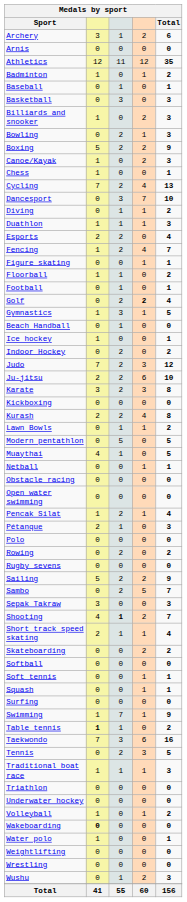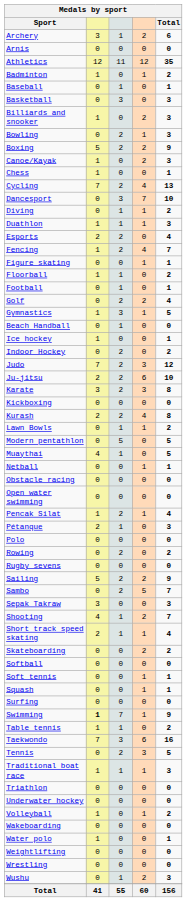 <table class="wikitable" style="font-size:90%; text-align:center;">
 <tr>
 <th colspan=5>Medals by sport</th>
 </tr>
 <tr>
 <th width=120>Sport</th>
 <th scope="col" width=30 style="background:#F7F6A8;"></th>
 <th scope="col" width=30 style="background:#DCE5E5;"></th>
 <th scope="col" width=30 style="background:#FFDAB9;"></th>
 <th width=30>Total</th>
 </tr>
 <tr>
 <td style="text-align:left"><a href='#'>Archery</a></td>
 <td style="background:#F7F6A8;">3</td>
 <td style="background:#DCE5E5;">1</td>
 <td style="background:#FFDAB9;">2</td>
 <td><strong>6</strong></td>
 </tr>
 <tr>
 <td style="text-align:left"><a href='#'>Arnis</a></td>
 <td style="background:#F7F6A8;">0</td>
 <td style="background:#DCE5E5;">0</td>
 <td style="background:#FFDAB9;">0</td>
 <td><strong>0</strong></td>
 </tr>
 <tr>
 <td style="text-align:left"><a href='#'>Athletics</a></td>
 <td style="background:#F7F6A8;">12</td>
 <td style="background:#DCE5E5;">11</td>
 <td style="background:#FFDAB9;">12</td>
 <td><strong>35</strong></td>
 </tr>
 <tr>
 <td style="text-align:left"><a href='#'>Badminton</a></td>
 <td style="background:#F7F6A8;">1</td>
 <td style="background:#DCE5E5;">0</td>
 <td style="background:#FFDAB9;">1</td>
 <td><strong>2</strong></td>
 </tr>
 <tr>
 <td style="text-align:left"><a href='#'>Baseball</a></td>
 <td style="background:#F7F6A8;">0</td>
 <td style="background:#DCE5E5;">1</td>
 <td style="background:#FFDAB9;">0</td>
 <td><strong>1</strong></td>
 </tr>
 <tr>
 <td style="text-align:left"><a href='#'>Basketball</a></td>
 <td style="background:#F7F6A8;">0</td>
 <td style="background:#DCE5E5;">3</td>
 <td style="background:#FFDAB9;">0</td>
 <td><strong>3</strong></td>
 </tr>
 <tr>
 <td style="text-align:left"><a href='#'>Billiards and snooker</a></td>
 <td style="background:#F7F6A8;">1</td>
 <td style="background:#DCE5E5;">0</td>
 <td style="background:#FFDAB9;">2</td>
 <td><strong>3</strong></td>
 </tr>
 <tr>
 <td style="text-align:left"><a href='#'>Bowling</a></td>
 <td style="background:#F7F6A8;">0</td>
 <td style="background:#DCE5E5;">2</td>
 <td style="background:#FFDAB9;">1</td>
 <td><strong>3</strong></td>
 </tr>
 <tr>
 <td style="text-align:left"><a href='#'>Boxing</a></td>
 <td style="background:#F7F6A8;">5</td>
 <td style="background:#DCE5E5;">2</td>
 <td style="background:#FFDAB9;">2</td>
 <td><strong>9</strong></td>
 </tr>
 <tr>
 <td style="text-align:left"><a href='#'>Canoe/Kayak</a></td>
 <td style="background:#F7F6A8;">1</td>
 <td style="background:#DCE5E5;">0</td>
 <td style="background:#FFDAB9;">2</td>
 <td><strong>3</strong></td>
 </tr>
 <tr>
 <td style="text-align:left"><a href='#'>Chess</a></td>
 <td style="background:#F7F6A8;">1</td>
 <td style="background:#DCE5E5;">0</td>
 <td style="background:#FFDAB9;">0</td>
 <td><strong>1</strong></td>
 </tr>
 <tr>
 <td style="text-align:left"><a href='#'>Cycling</a></td>
 <td style="background:#F7F6A8;">7</td>
 <td style="background:#DCE5E5;">2</td>
 <td style="background:#FFDAB9;">4</td>
 <td><strong>13</strong></td>
 </tr>
 <tr>
 <td style="text-align:left"><a href='#'>Dancesport</a></td>
 <td style="background:#F7F6A8;">0</td>
 <td style="background:#DCE5E5;">3</td>
 <td style="background:#FFDAB9;">7</td>
 <td><strong>10</strong></td>
 </tr>
 <tr>
 <td style="text-align:left"><a href='#'>Diving</a></td>
 <td style="background:#F7F6A8;">0</td>
 <td style="background:#DCE5E5;">1</td>
 <td style="background:#FFDAB9;">1</td>
 <td><strong>2</strong></td>
 </tr>
 <tr>
 <td style="text-align:left"><a href='#'>Duathlon</a></td>
 <td style="background:#F7F6A8;">1</td>
 <td style="background:#DCE5E5;">1</td>
 <td style="background:#FFDAB9;">1</td>
 <td><strong>3</strong></td>
 </tr>
 <tr>
 <td style="text-align:left"><a href='#'>Esports</a></td>
 <td style="background:#F7F6A8;">2</td>
 <td style="background:#DCE5E5;">2</td>
 <td style="background:#FFDAB9;">0</td>
 <td><strong>4</strong></td>
 </tr>
 <tr>
 <td style="text-align:left"><a href='#'>Fencing</a></td>
 <td style="background:#F7F6A8;">1</td>
 <td style="background:#DCE5E5;">2</td>
 <td style="background:#FFDAB9;">4</td>
 <td><strong>7</strong></td>
 </tr>
 <tr>
 <td style="text-align:left"><a href='#'>Figure skating</a></td>
 <td style="background:#F7F6A8;">0</td>
 <td style="background:#DCE5E5;">0</td>
 <td style="background:#FFDAB9;">1</td>
 <td><strong>1</strong></td>
 </tr>
 <tr>
 <td style="text-align:left"><a href='#'>Floorball</a></td>
 <td style="background:#F7F6A8;">1</td>
 <td style="background:#DCE5E5;">1</td>
 <td style="background:#FFDAB9;">0</td>
 <td><strong>2</strong></td>
 </tr>
 <tr>
 <td style="text-align:left"><a href='#'>Football</a></td>
 <td style="background:#F7F6A8;">0</td>
 <td style="background:#DCE5E5;">1</td>
 <td style="background:#FFDAB9;">0</td>
 <td><strong>1</strong></td>
 </tr>
 <tr>
 <td style="text-align:left"><a href='#'>Golf</a></td>
 <td style="background:#F7F6A8;">0</td>
 <td style="background:#DCE5E5;">2</td>
-<td style="background:#FFDAB9;"><strong>2</strong></td>
+<td style="background:#FFDAB9;">2</td>
 <td><strong>4</strong></td>
 </tr>
 <tr>
 <td style="text-align:left"><a href='#'>Gymnastics</a></td>
 <td style="background:#F7F6A8;">1</td>
 <td style="background:#DCE5E5;">3</td>
 <td style="background:#FFDAB9;">1</td>
 <td><strong>5</strong></td>
 </tr>
 <tr>
 <td style="text-align:left"><a href='#'>Beach Handball</a></td>
 <td style="background:#F7F6A8;">0</td>
 <td style="background:#DCE5E5;">1</td>
 <td style="background:#FFDAB9;">0</td>
 <td><strong>0</strong></td>
 </tr>
 <tr>
 <td style="text-align:left"><a href='#'>Ice hockey</a></td>
 <td style="background:#F7F6A8;">1</td>
 <td style="background:#DCE5E5;">0</td>
 <td style="background:#FFDAB9;">0</td>
 <td><strong>1</strong></td>
 </tr>
 <tr>
 <td style="text-align:left"><a href='#'>Indoor Hockey</a></td>
 <td style="background:#F7F6A8;">0</td>
 <td style="background:#DCE5E5;">2</td>
 <td style="background:#FFDAB9;">0</td>
 <td><strong>2</strong></td>
 </tr>
 <tr>
 <td style="text-align:left"><a href='#'>Judo</a></td>
 <td style="background:#F7F6A8;">7</td>
 <td style="background:#DCE5E5;">2</td>
 <td style="background:#FFDAB9;">3</td>
 <td><strong>12</strong></td>
 </tr>
 <tr>
 <td style="text-align:left"><a href='#'>Ju-jitsu</a></td>
 <td style="background:#F7F6A8;">2</td>
 <td style="background:#DCE5E5;">2</td>
 <td style="background:#FFDAB9;">6</td>
 <td><strong>10</strong></td>
 </tr>
 <tr>
 <td style="text-align:left"><a href='#'>Karate</a></td>
 <td style="background:#F7F6A8;">3</td>
 <td style="background:#DCE5E5;">2</td>
 <td style="background:#FFDAB9;">3</td>
 <td><strong>8</strong></td>
 </tr>
 <tr>
 <td style="text-align:left"><a href='#'>Kickboxing</a></td>
 <td style="background:#F7F6A8;">0</td>
 <td style="background:#DCE5E5;">0</td>
 <td style="background:#FFDAB9;">0</td>
 <td><strong>0</strong></td>
 </tr>
 <tr>
 <td style="text-align:left"><a href='#'>Kurash</a></td>
 <td style="background:#F7F6A8;">2</td>
 <td style="background:#DCE5E5;">2</td>
 <td style="background:#FFDAB9;">4</td>
 <td><strong>8</strong></td>
 </tr>
 <tr>
 <td style="text-align:left"><a href='#'>Lawn Bowls</a></td>
 <td style="background:#F7F6A8;">0</td>
 <td style="background:#DCE5E5;">1</td>
 <td style="background:#FFDAB9;">1</td>
 <td><strong>2</strong></td>
 </tr>
 <tr>
 <td style="text-align:left"><a href='#'>Modern pentathlon</a></td>
 <td style="background:#F7F6A8;">0</td>
 <td style="background:#DCE5E5;">5</td>
 <td style="background:#FFDAB9;">0</td>
 <td><strong>5</strong></td>
 </tr>
 <tr>
 <td style="text-align:left"><a href='#'>Muaythai</a></td>
 <td style="background:#F7F6A8;">4</td>
 <td style="background:#DCE5E5;">1</td>
 <td style="background:#FFDAB9;">0</td>
 <td><strong>5</strong></td>
 </tr>
 <tr>
 <td style="text-align:left"><a href='#'>Netball</a></td>
 <td style="background:#F7F6A8;">0</td>
 <td style="background:#DCE5E5;">0</td>
 <td style="background:#FFDAB9;">1</td>
 <td><strong>1</strong></td>
 </tr>
 <tr>
 <td style="text-align:left"><a href='#'>Obstacle racing</a></td>
 <td style="background:#F7F6A8;">0</td>
 <td style="background:#DCE5E5;">0</td>
 <td style="background:#FFDAB9;">0</td>
 <td><strong>0</strong></td>
 </tr>
 <tr>
 <td style="text-align:left"><a href='#'>Open water swimming</a></td>
 <td style="background:#F7F6A8;">0</td>
 <td style="background:#DCE5E5;">0</td>
 <td style="background:#FFDAB9;">0</td>
 <td><strong>0</strong></td>
 </tr>
 <tr>
 <td style="text-align:left"><a href='#'>Pencak Silat</a></td>
 <td style="background:#F7F6A8;">1</td>
 <td style="background:#DCE5E5;">2</td>
 <td style="background:#FFDAB9;">1</td>
 <td><strong>4</strong></td>
 </tr>
 <tr>
 <td style="text-align:left"><a href='#'>Pétanque</a></td>
 <td style="background:#F7F6A8;">2</td>
 <td style="background:#DCE5E5;">1</td>
 <td style="background:#FFDAB9;">0</td>
 <td><strong>3</strong></td>
 </tr>
 <tr>
 <td style="text-align:left"><a href='#'>Polo</a></td>
 <td style="background:#F7F6A8;">0</td>
 <td style="background:#DCE5E5;">0</td>
 <td style="background:#FFDAB9;">0</td>
 <td><strong>0</strong></td>
 </tr>
 <tr>
 <td style="text-align:left"><a href='#'>Rowing</a></td>
 <td style="background:#F7F6A8;">0</td>
 <td style="background:#DCE5E5;">2</td>
 <td style="background:#FFDAB9;">0</td>
 <td><strong>2</strong></td>
 </tr>
 <tr>
 <td style="text-align:left"><a href='#'>Rugby sevens</a></td>
 <td style="background:#F7F6A8;">0</td>
 <td style="background:#DCE5E5;">0</td>
 <td style="background:#FFDAB9;">0</td>
 <td><strong>0</strong></td>
 </tr>
 <tr>
 <td style="text-align:left"><a href='#'>Sailing</a></td>
 <td style="background:#F7F6A8;">5</td>
 <td style="background:#DCE5E5;">2</td>
 <td style="background:#FFDAB9;">2</td>
 <td><strong>9</strong></td>
 </tr>
 <tr>
 <td style="text-align:left"><a href='#'>Sambo</a></td>
 <td style="background:#F7F6A8;">0</td>
 <td style="background:#DCE5E5;">2</td>
 <td style="background:#FFDAB9;">5</td>
 <td><strong>7</strong></td>
 </tr>
 <tr>
 <td style="text-align:left"><a href='#'>Sepak Takraw</a></td>
 <td style="background:#F7F6A8;">3</td>
 <td style="background:#DCE5E5;">0</td>
 <td style="background:#FFDAB9;">0</td>
 <td><strong>3</strong></td>
 </tr>
 <tr>
 <td style="text-align:left"><a href='#'>Shooting</a></td>
 <td style="background:#F7F6A8;">4</td>
-<td style="background:#DCE5E5;"><strong>1</strong></td>
+<td style="background:#DCE5E5;">1</td>
 <td style="background:#FFDAB9;">2</td>
 <td><strong>7</strong></td>
 </tr>
 <tr>
 <td style="text-align:left"><a href='#'>Short track speed skating</a></td>
 <td style="background:#F7F6A8;">2</td>
 <td style="background:#DCE5E5;">1</td>
 <td style="background:#FFDAB9;">1</td>
 <td><strong>4</strong></td>
 </tr>
 <tr>
 <td style="text-align:left"><a href='#'>Skateboarding</a></td>
 <td style="background:#F7F6A8;">0</td>
 <td style="background:#DCE5E5;">0</td>
 <td style="background:#FFDAB9;">2</td>
 <td><strong>2</strong></td>
 </tr>
 <tr>
 <td style="text-align:left"><a href='#'>Softball</a></td>
 <td style="background:#F7F6A8;">0</td>
 <td style="background:#DCE5E5;">0</td>
 <td style="background:#FFDAB9;">0</td>
 <td><strong>0</strong></td>
 </tr>
 <tr>
 <td style="text-align:left"><a href='#'>Soft tennis</a></td>
 <td style="background:#F7F6A8;">0</td>
 <td style="background:#DCE5E5;">0</td>
 <td style="background:#FFDAB9;">1</td>
 <td><strong>1</strong></td>
 </tr>
 <tr>
 <td style="text-align:left"><a href='#'>Squash</a></td>
 <td style="background:#F7F6A8;">0</td>
 <td style="background:#DCE5E5;">0</td>
 <td style="background:#FFDAB9;">1</td>
 <td><strong>1</strong></td>
 </tr>
 <tr>
 <td style="text-align:left"><a href='#'>Surfing</a></td>
 <td style="background:#F7F6A8;">0</td>
 <td style="background:#DCE5E5;">0</td>
 <td style="background:#FFDAB9;">0</td>
 <td><strong>0</strong></td>
 </tr>
 <tr>
 <td style="text-align:left"><a href='#'>Swimming</a></td>
-<td style="background:#F7F6A8;">1</td>
+<td style="background:#F7F6A8;"><strong>1</strong></td>
 <td style="background:#DCE5E5;">7</td>
 <td style="background:#FFDAB9;">1</td>
 <td><strong>9</strong></td>
 </tr>
 <tr>
 <td style="text-align:left"><a href='#'>Table tennis</a></td>
-<td style="background:#F7F6A8;"><strong>1</strong></td>
+<td style="background:#F7F6A8;">1</td>
 <td style="background:#DCE5E5;">1</td>
 <td style="background:#FFDAB9;">0</td>
 <td><strong>2</strong></td>
 </tr>
 <tr>
 <td style="text-align:left"><a href='#'>Taekwondo</a></td>
 <td style="background:#F7F6A8;">7</td>
 <td style="background:#DCE5E5;">3</td>
 <td style="background:#FFDAB9;">6</td>
 <td><strong>16</strong></td>
 </tr>
 <tr>
 <td style="text-align:left"><a href='#'>Tennis</a></td>
 <td style="background:#F7F6A8;">0</td>
 <td style="background:#DCE5E5;">2</td>
 <td style="background:#FFDAB9;">3</td>
 <td><strong>5</strong></td>
 </tr>
 <tr>
 <td style="text-align:left"><a href='#'>Traditional boat race</a></td>
 <td style="background:#F7F6A8;">1</td>
 <td style="background:#DCE5E5;">1</td>
 <td style="background:#FFDAB9;">1</td>
 <td><strong>3</strong></td>
 </tr>
 <tr>
 <td style="text-align:left"><a href='#'>Triathlon</a></td>
 <td style="background:#F7F6A8;">0</td>
 <td style="background:#DCE5E5;">0</td>
 <td style="background:#FFDAB9;">0</td>
 <td><strong>0</strong></td>
 </tr>
 <tr>
 <td style="text-align:left"><a href='#'>Underwater hockey</a></td>
 <td style="background:#F7F6A8;">0</td>
 <td style="background:#DCE5E5;">0</td>
 <td style="background:#FFDAB9;">0</td>
 <td><strong>0</strong></td>
 </tr>
 <tr>
 <td style="text-align:left"><a href='#'>Volleyball</a></td>
 <td style="background:#F7F6A8;">1</td>
 <td style="background:#DCE5E5;">0</td>
 <td style="background:#FFDAB9;">1</td>
 <td><strong>2</strong></td>
 </tr>
 <tr>
 <td style="text-align:left"><a href='#'>Wakeboarding</a></td>
-<td style="background:#F7F6A8;"><strong>0</strong></td>
+<td style="background:#F7F6A8;">0</td>
 <td style="background:#DCE5E5;">0</td>
 <td style="background:#FFDAB9;">0</td>
 <td><strong>0</strong></td>
 </tr>
 <tr>
 <td style="text-align:left"><a href='#'>Water polo</a></td>
 <td style="background:#F7F6A8;">1</td>
 <td style="background:#DCE5E5;">0</td>
 <td style="background:#FFDAB9;">0</td>
 <td><strong>1</strong></td>
 </tr>
 <tr>
 <td style="text-align:left"><a href='#'>Weightlifting</a></td>
 <td style="background:#F7F6A8;">0</td>
 <td style="background:#DCE5E5;">0</td>
 <td style="background:#FFDAB9;">0</td>
 <td><strong>0</strong></td>
 </tr>
 <tr>
 <td style="text-align:left"><a href='#'>Wrestling</a></td>
 <td style="background:#F7F6A8;">0</td>
 <td style="background:#DCE5E5;">0</td>
 <td style="background:#FFDAB9;">0</td>
 <td><strong>0</strong></td>
 </tr>
 <tr>
 <td style="text-align:left"><a href='#'>Wushu</a></td>
 <td style="background:#F7F6A8;">0</td>
 <td style="background:#DCE5E5;">1</td>
 <td style="background:#FFDAB9;">2</td>
 <td><strong>3</strong></td>
 </tr>
 <tr>
 </tr>
 <tr class="sortbottom">
 <th>Total</th>
 <th>41</th>
 <th>55</th>
 <th>60</th>
 <th>156</th>
 </tr>
 </table>
